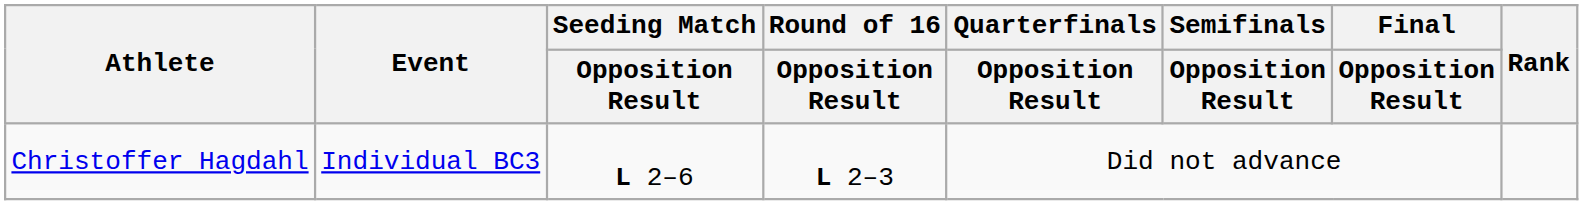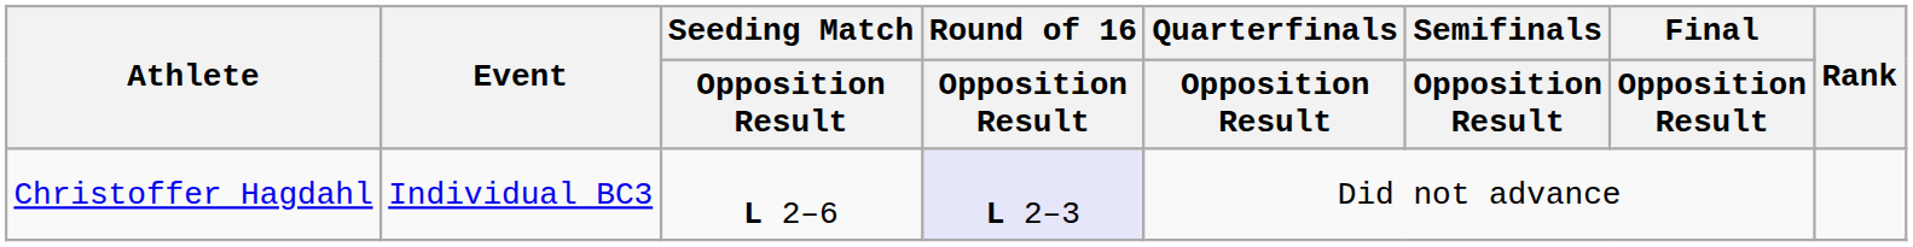 <table class="wikitable" style="font-size:90%;">
 <tr>
 <th rowspan="2">Athlete</th>
 <th rowspan="2">Event</th>
 <th>Seeding Match</th>
 <th>Round of 16</th>
 <th>Quarterfinals</th>
 <th>Semifinals</th>
 <th>Final</th>
 <th rowspan="2">Rank</th>
 </tr>
 <tr>
 <th>Opposition<br>Result</th>
 <th>Opposition<br>Result</th>
 <th>Opposition<br>Result</th>
 <th>Opposition<br>Result</th>
 <th>Opposition<br>Result</th>
 </tr>
 <tr>
 <td><a href='#'>Christoffer Hagdahl</a></td>
 <td><a href='#'>Individual BC3</a></td>
 <td align="center"><br><strong>L</strong> 2–6</td>
-<td align="center"><br><strong>L</strong> 2–3</td>
+<td align="center" style="background: lavender;"><br><strong>L</strong> 2–3</td>
 <td colspan=3 align="center">Did not advance</td>
 <td align="center"></td>
 </tr>
 </table>
